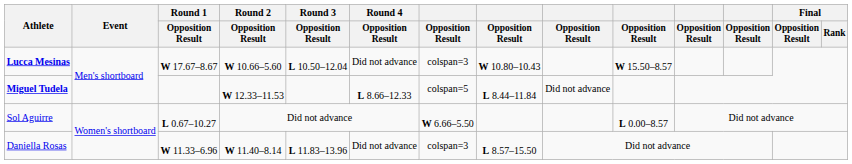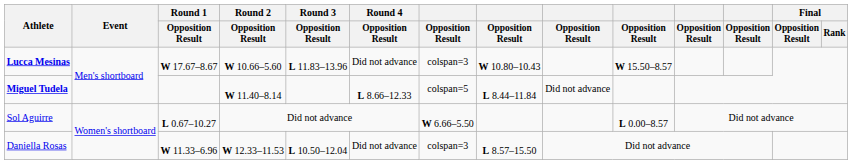 <table class=wikitable style=font-size:90%;text-align:center>
 <tr>
 <th rowspan=2>Athlete</th>
 <th rowspan=2>Event</th>
 <th>Round 1</th>
 <th>Round 2</th>
 <th>Round 3</th>
 <th>Round 4</th>
 <th></th>
 <th></th>
 <th></th>
 <th></th>
 <th></th>
 <th></th>
 <th colspan=2>Final</th>
 </tr>
 <tr style=font-size:95%>
 <th>Opposition<br>Result</th>
 <th>Opposition<br>Result</th>
 <th>Opposition<br>Result</th>
 <th>Opposition<br>Result</th>
 <th>Opposition<br>Result</th>
 <th>Opposition<br>Result</th>
 <th>Opposition<br>Result</th>
 <th>Opposition<br>Result</th>
 <th>Opposition<br>Result</th>
 <th>Opposition<br>Result</th>
 <th>Opposition<br>Result</th>
 <th>Rank</th>
 </tr>
 <tr>
 <td align=left><strong><a href='#'>Lucca Mesinas</a></strong></td>
 <td align=left rowspan=2><a href='#'>Men's shortboard</a></td>
 <td><br><strong>W</strong> 17.67–8.67</td>
 <td><br><strong>W</strong> 10.66–5.60</td>
-<td><br><strong>L</strong> 10.50–12.04</td>
+<td><br><strong>L</strong> 11.83–13.96</td>
 <td>Did not advance</td>
 <td>colspan=3 </td>
 <td><br><strong>W</strong> 10.80–10.43</td>
 <td><br></td>
 <td><br><strong>W</strong> 15.50–8.57</td>
 <td><br></td>
 <td></td>
 </tr>
 <tr>
 <td align=left><strong><a href='#'>Miguel Tudela</a></strong></td>
 <td><br></td>
-<td><br><strong>W</strong> 12.33–11.53</td>
+<td><br><strong>W</strong> 11.40–8.14</td>
 <td><br></td>
 <td><br><strong>L</strong> 8.66–12.33</td>
 <td>colspan=5 </td>
 <td><br><strong>L</strong> 8.44–11.84</td>
 <td>Did not advance</td>
 <td></td>
 </tr>
 <tr>
 <td align=left><a href='#'>Sol Aguirre</a></td>
 <td align=left rowspan=2><a href='#'>Women's shortboard</a></td>
 <td><br><strong>L</strong> 0.67–10.27</td>
 <td colspan=3>Did not advance</td>
 <td><br><strong>W</strong> 6.66–5.50</td>
 <td><br></td>
 <td><br></td>
 <td><br><strong>L</strong> 0.00–8.57</td>
 <td colspan=4>Did not advance</td>
 </tr>
 <tr>
 <td align=left><a href='#'>Daniella Rosas</a></td>
 <td><br><strong>W</strong> 11.33–6.96</td>
-<td><br><strong>W</strong> 11.40–8.14</td>
-<td><br><strong>L</strong> 11.83–13.96</td>
+<td><br><strong>W</strong> 12.33–11.53</td>
+<td><br><strong>L</strong> 10.50–12.04</td>
 <td>Did not advance</td>
 <td>colspan=3 </td>
 <td><br><strong>L</strong> 8.57–15.50</td>
 <td colspan=4>Did not advance</td>
 </tr>
 </table>
